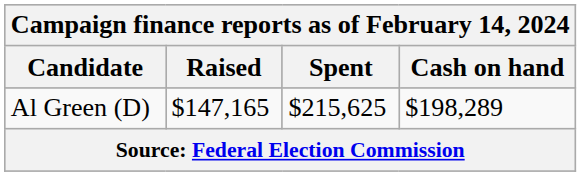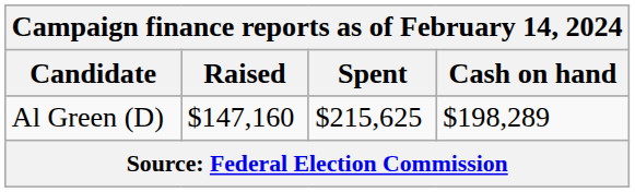 <table class="wikitable sortable">
 <tr>
 <th colspan=4>Campaign finance reports as of February 14, 2024</th>
 </tr>
 <tr style="text-align:center;">
 <th>Candidate</th>
 <th>Raised</th>
 <th>Spent</th>
 <th>Cash on hand</th>
 </tr>
 <tr>
 <td style="color:black;background-color:">Al Green (D)</td>
-<td>$147,165</td>
+<td>$147,160</td>
 <td>$215,625</td>
 <td>$198,289</td>
 </tr>
 <tr>
 <th colspan="4"><small>Source: <a href='#'>Federal Election Commission</a></small></th>
 </tr>
 </table>
